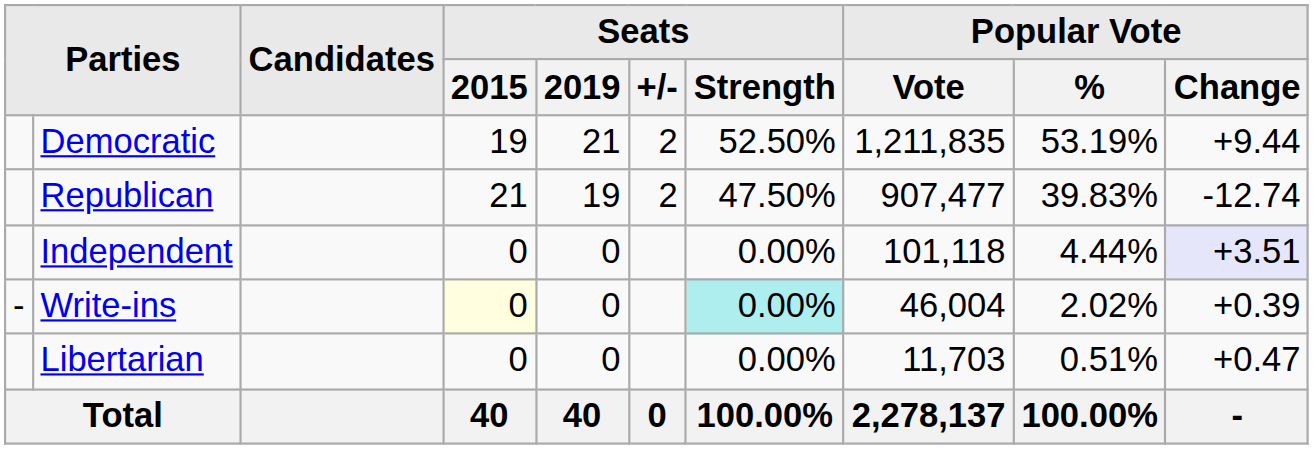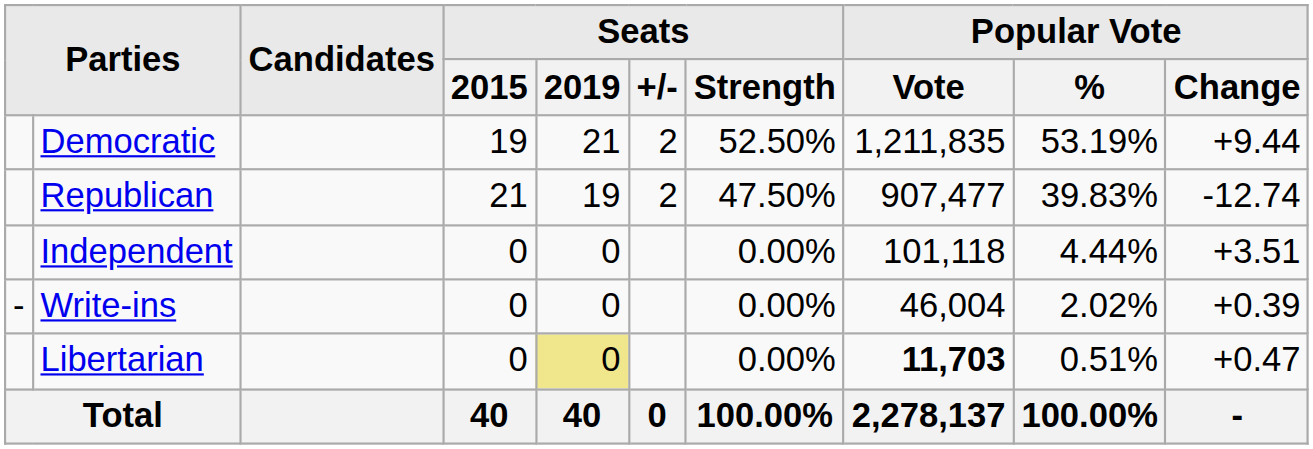 <table class=wikitable>
 <tr>
 <th style="background-color:#E9E9E9" align=center rowspan= 2 colspan=2>Parties</th>
 <th style="background-color:#E9E9E9" align=center rowspan= 2>Candidates</th>
 <th style="background-color:#E9E9E9" align=center colspan=4>Seats</th>
 <th style="background-color:#E9E9E9" align=center colspan=3>Popular Vote</th>
 </tr>
 <tr>
 <th align=center>2015</th>
 <th align=center>2019</th>
 <th align=center>+/-</th>
 <th align=center>Strength</th>
 <th align=center>Vote</th>
 <th align=center>%</th>
 <th align=center>Change</th>
 </tr>
 <tr>
 <td></td>
 <td align=left><a href='#'>Democratic</a></td>
 <td align=right></td>
 <td align=right>19</td>
 <td align=right >21</td>
 <td align=right>2</td>
 <td align=right >52.50%</td>
 <td align=right >1,211,835</td>
 <td align=right >53.19%</td>
 <td align=right>+9.44</td>
 </tr>
 <tr>
 <td></td>
 <td align=left><a href='#'>Republican</a></td>
 <td align=right></td>
 <td align=right >21</td>
 <td align=right>19</td>
 <td align=right>2</td>
 <td align=right>47.50%</td>
 <td align=right>907,477</td>
 <td align=right>39.83%</td>
 <td align=right>-12.74</td>
 </tr>
 <tr>
 <td></td>
 <td><a href='#'>Independent</a></td>
 <td align=right></td>
 <td align=right>0</td>
 <td align=right>0</td>
 <td align=right></td>
 <td align=right>0.00%</td>
 <td align=right>101,118</td>
 <td align=right>4.44%</td>
-<td align=right style="background: lavender;">+3.51</td>
+<td align=right>+3.51</td>
 </tr>
 <tr>
 <td>-</td>
 <td><a href='#'>Write-ins</a></td>
 <td align=right></td>
-<td align=right style="background: lightyellow;">0</td>
+<td align=right>0</td>
 <td align=right>0</td>
 <td align=right></td>
-<td align=right style="background: paleturquoise;">0.00%</td>
+<td align=right>0.00%</td>
 <td align=right>46,004</td>
 <td align=right>2.02%</td>
 <td align=right>+0.39</td>
 </tr>
 <tr>
 <td></td>
 <td><a href='#'>Libertarian</a></td>
 <td align=right></td>
 <td align=right>0</td>
-<td align=right>0</td>
+<td align=right style="background: khaki;">0</td>
 <td align=right></td>
 <td align=right>0.00%</td>
-<td align=right>11,703</td>
+<td align=right><strong>11,703</strong></td>
 <td align=right>0.51%</td>
 <td align=right>+0.47</td>
 </tr>
 <tr>
 <th align=center colspan="2">Total</th>
 <th align=center></th>
 <th align=center>40</th>
 <th align=center>40</th>
 <th align=center>0</th>
 <th align=center>100.00%</th>
 <th align=center>2,278,137</th>
 <th align=center>100.00%</th>
 <th align=center>-</th>
 </tr>
 </table>
